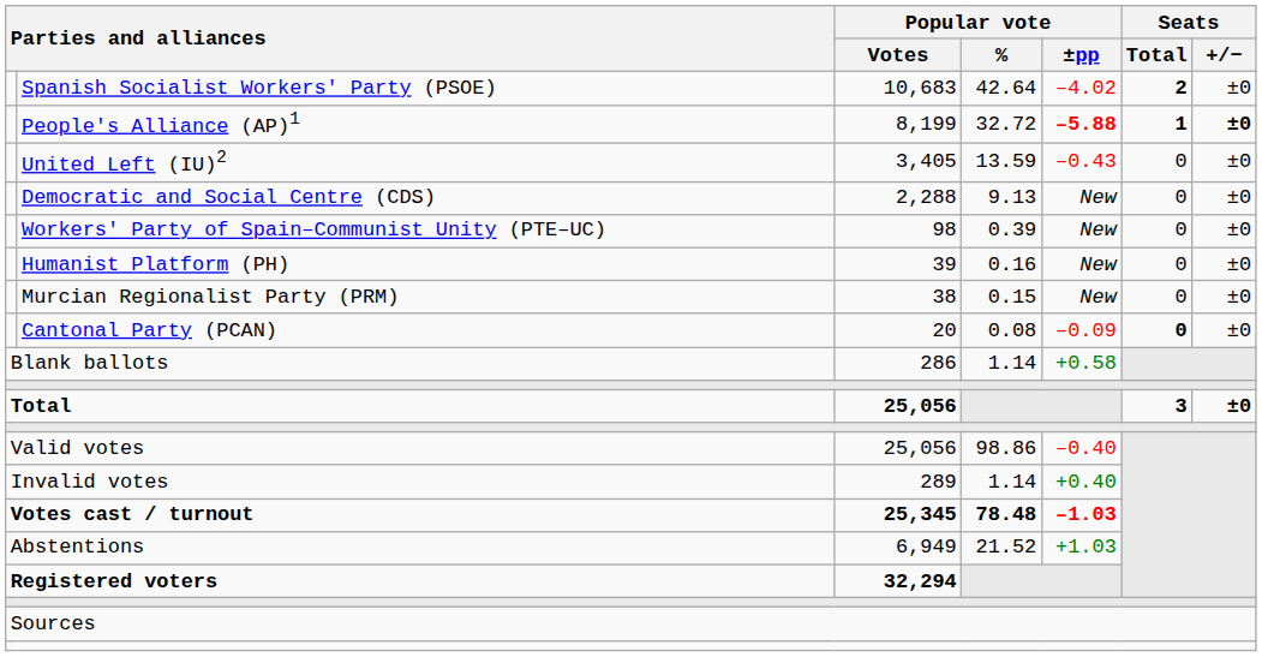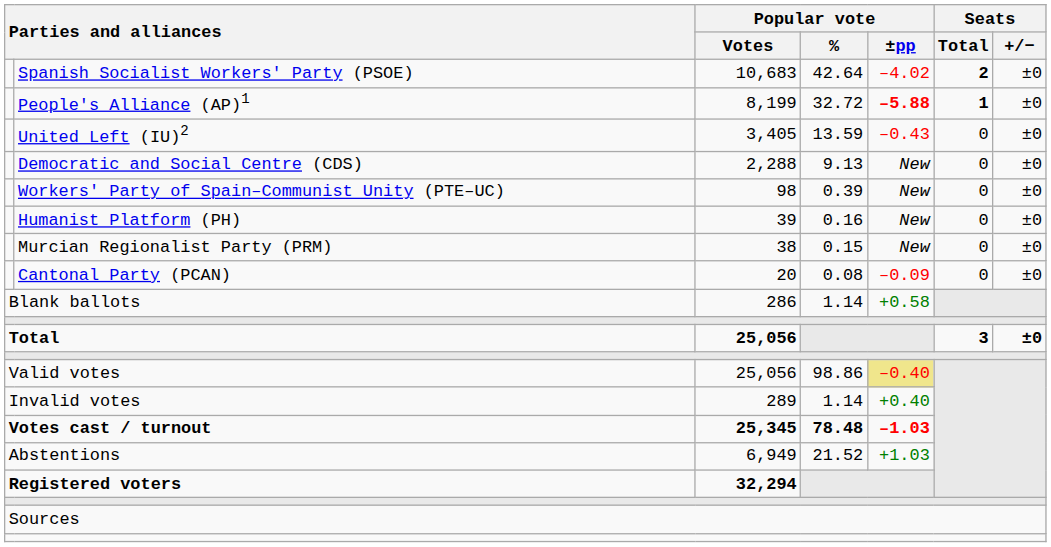 <table class="wikitable" style="text-align:right;">
 <tr>
 <th style="text-align:left;" rowspan="2" colspan="2" width="525">Parties and alliances</th>
 <th colspan="3">Popular vote</th>
 <th colspan="2">Seats</th>
 </tr>
 <tr>
 <th width="75">Votes</th>
 <th width="45">%</th>
 <th width="45">±<a href='#'>pp</a></th>
 <th width="35">Total</th>
 <th width="35">+/−</th>
 </tr>
 <tr>
 <td width="1" style="color:inherit;background:"></td>
 <td align="left"><a href='#'>Spanish Socialist Workers' Party</a> (PSOE)</td>
 <td>10,683</td>
 <td>42.64</td>
 <td style="color:red;">–4.02</td>
 <td><strong>2</strong></td>
 <td>±0</td>
 </tr>
 <tr>
 <td style="color:inherit;background:"></td>
 <td align="left"><a href='#'>People's Alliance</a> (AP)<sup>1</sup></td>
 <td>8,199</td>
 <td>32.72</td>
 <td style="color:red;"><strong>–5.88</strong></td>
 <td><strong>1</strong></td>
-<td><strong>±0</strong></td>
+<td>±0</td>
 </tr>
 <tr>
 <td style="color:inherit;background:"></td>
 <td align="left"><a href='#'>United Left</a> (IU)<sup>2</sup></td>
 <td>3,405</td>
 <td>13.59</td>
 <td style="color:red;">–0.43</td>
 <td>0</td>
 <td>±0</td>
 </tr>
 <tr>
 <td style="color:inherit;background:"></td>
 <td align="left"><a href='#'>Democratic and Social Centre</a> (CDS)</td>
 <td>2,288</td>
 <td>9.13</td>
 <td><em>New</em></td>
 <td>0</td>
 <td>±0</td>
 </tr>
 <tr>
 <td style="color:inherit;background:"></td>
 <td align="left"><a href='#'>Workers' Party of Spain–Communist Unity</a> (PTE–UC)</td>
 <td>98</td>
 <td>0.39</td>
 <td><em>New</em></td>
 <td>0</td>
 <td>±0</td>
 </tr>
 <tr>
 <td style="color:inherit;background:"></td>
 <td align="left"><a href='#'>Humanist Platform</a> (PH)</td>
 <td>39</td>
 <td>0.16</td>
 <td><em>New</em></td>
 <td>0</td>
 <td>±0</td>
 </tr>
 <tr>
 <td style="color:inherit;background:"></td>
 <td align="left">Murcian Regionalist Party (PRM)</td>
 <td>38</td>
 <td>0.15</td>
 <td><em>New</em></td>
 <td>0</td>
 <td>±0</td>
 </tr>
 <tr>
 <td style="color:inherit;background:"></td>
 <td align="left"><a href='#'>Cantonal Party</a> (PCAN)</td>
 <td>20</td>
 <td>0.08</td>
 <td style="color:red;">–0.09</td>
-<td><strong>0</strong></td>
+<td>0</td>
 <td>±0</td>
 </tr>
 <tr>
 <td align="left" colspan="2">Blank ballots</td>
 <td>286</td>
 <td>1.14</td>
 <td style="color:green;">+0.58</td>
 <td bgcolor="#E9E9E9" colspan="2"></td>
 </tr>
 <tr>
 <td colspan="7" bgcolor="#E9E9E9"></td>
 </tr>
 <tr style="font-weight:bold;">
 <td align="left" colspan="2">Total</td>
 <td>25,056</td>
 <td bgcolor="#E9E9E9" colspan="2"></td>
 <td>3</td>
 <td>±0</td>
 </tr>
 <tr>
 <td colspan="7" bgcolor="#E9E9E9"></td>
 </tr>
 <tr>
 <td align="left" colspan="2">Valid votes</td>
 <td>25,056</td>
 <td>98.86</td>
-<td style="color:red;">–0.40</td>
+<td style="background: khaki; color:red;">–0.40</td>
 <td bgcolor="#E9E9E9" colspan="2" rowspan="5"></td>
 </tr>
 <tr>
 <td align="left" colspan="2">Invalid votes</td>
 <td>289</td>
 <td>1.14</td>
 <td style="color:green;">+0.40</td>
 </tr>
 <tr style="font-weight:bold;">
 <td align="left" colspan="2">Votes cast / turnout</td>
 <td>25,345</td>
 <td>78.48</td>
 <td style="color:red;">–1.03</td>
 </tr>
 <tr>
 <td align="left" colspan="2">Abstentions</td>
 <td>6,949</td>
 <td>21.52</td>
 <td style="color:green;">+1.03</td>
 </tr>
 <tr style="font-weight:bold;">
 <td align="left" colspan="2">Registered voters</td>
 <td>32,294</td>
 <td bgcolor="#E9E9E9" colspan="2"></td>
 </tr>
 <tr>
 <td colspan="7" bgcolor="#E9E9E9"></td>
 </tr>
 <tr>
 <td align="left" colspan="7">Sources</td>
 </tr>
 <tr>
 <td colspan="7" style="text-align:left; max-width:790px;"></td>
 </tr>
 </table>
